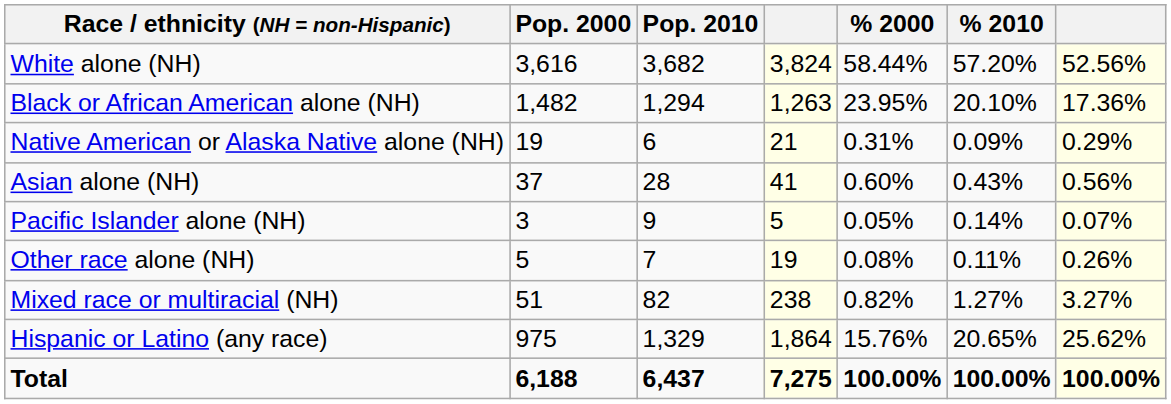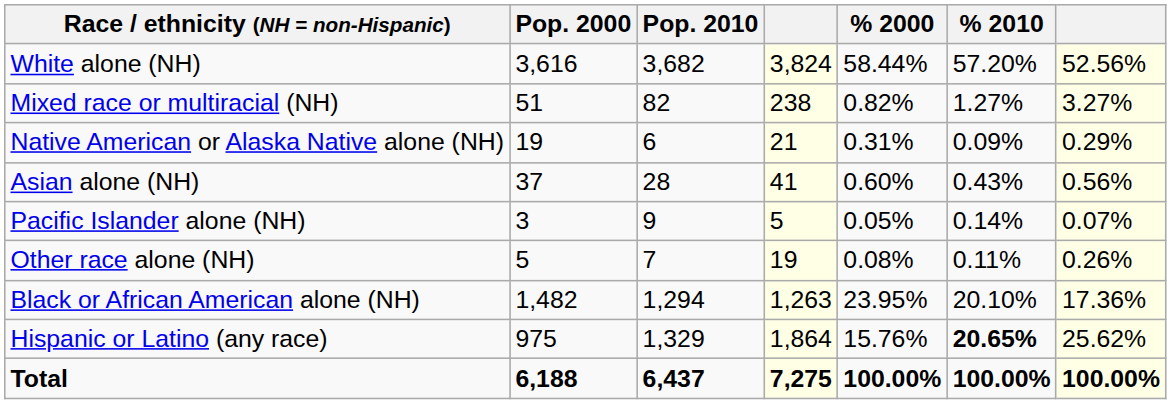 <table class="wikitable">
 <tr>
 <th>Race / ethnicity <small>(<em>NH = non-Hispanic</em>)</small></th>
 <th>Pop. 2000</th>
 <th>Pop. 2010</th>
 <th></th>
 <th>% 2000</th>
 <th>% 2010</th>
 <th></th>
 </tr>
 <tr>
 <td><a href='#'>White</a> alone (NH)</td>
 <td>3,616</td>
 <td>3,682</td>
 <td style='background: #ffffe6;'>3,824</td>
 <td>58.44%</td>
 <td>57.20%</td>
 <td style='background: #ffffe6;'>52.56%</td>
 </tr>
 <tr>
-<td><a href='#'>Black or African American</a> alone (NH)</td>
-<td>1,482</td>
-<td>1,294</td>
-<td style='background: #ffffe6;'>1,263</td>
-<td>23.95%</td>
-<td>20.10%</td>
-<td style='background: #ffffe6;'>17.36%</td>
+<td><a href='#'>Mixed race or multiracial</a> (NH)</td>
+<td>51</td>
+<td>82</td>
+<td style='background: #ffffe6;'>238</td>
+<td>0.82%</td>
+<td>1.27%</td>
+<td style='background: #ffffe6;'>3.27%</td>
 </tr>
 <tr>
 <td><a href='#'>Native American</a> or <a href='#'>Alaska Native</a> alone (NH)</td>
 <td>19</td>
 <td>6</td>
 <td style='background: #ffffe6;'>21</td>
 <td>0.31%</td>
 <td>0.09%</td>
 <td style='background: #ffffe6;'>0.29%</td>
 </tr>
 <tr>
 <td><a href='#'>Asian</a> alone (NH)</td>
 <td>37</td>
 <td>28</td>
 <td style='background: #ffffe6;'>41</td>
 <td>0.60%</td>
 <td>0.43%</td>
 <td style='background: #ffffe6;'>0.56%</td>
 </tr>
 <tr>
 <td><a href='#'>Pacific Islander</a> alone (NH)</td>
 <td>3</td>
 <td>9</td>
 <td style='background: #ffffe6;'>5</td>
 <td>0.05%</td>
 <td>0.14%</td>
 <td style='background: #ffffe6;'>0.07%</td>
 </tr>
 <tr>
 <td><a href='#'>Other race</a> alone (NH)</td>
 <td>5</td>
 <td>7</td>
 <td style='background: #ffffe6;'>19</td>
 <td>0.08%</td>
 <td>0.11%</td>
 <td style='background: #ffffe6;'>0.26%</td>
 </tr>
 <tr>
-<td><a href='#'>Mixed race or multiracial</a> (NH)</td>
-<td>51</td>
-<td>82</td>
-<td style='background: #ffffe6;'>238</td>
-<td>0.82%</td>
-<td>1.27%</td>
-<td style='background: #ffffe6;'>3.27%</td>
+<td><a href='#'>Black or African American</a> alone (NH)</td>
+<td>1,482</td>
+<td>1,294</td>
+<td style='background: #ffffe6;'>1,263</td>
+<td>23.95%</td>
+<td>20.10%</td>
+<td style='background: #ffffe6;'>17.36%</td>
 </tr>
 <tr>
 <td><a href='#'>Hispanic or Latino</a> (any race)</td>
 <td>975</td>
 <td>1,329</td>
 <td style='background: #ffffe6;'>1,864</td>
 <td>15.76%</td>
-<td>20.65%</td>
+<td><strong>20.65%</strong></td>
 <td style='background: #ffffe6;'>25.62%</td>
 </tr>
 <tr>
 <td><strong>Total</strong></td>
 <td><strong>6,188</strong></td>
 <td><strong>6,437</strong></td>
 <td style='background: #ffffe6;'><strong>7,275</strong></td>
 <td><strong>100.00%</strong></td>
 <td><strong>100.00%</strong></td>
 <td style='background: #ffffe6;'><strong>100.00%</strong></td>
 </tr>
 </table>
